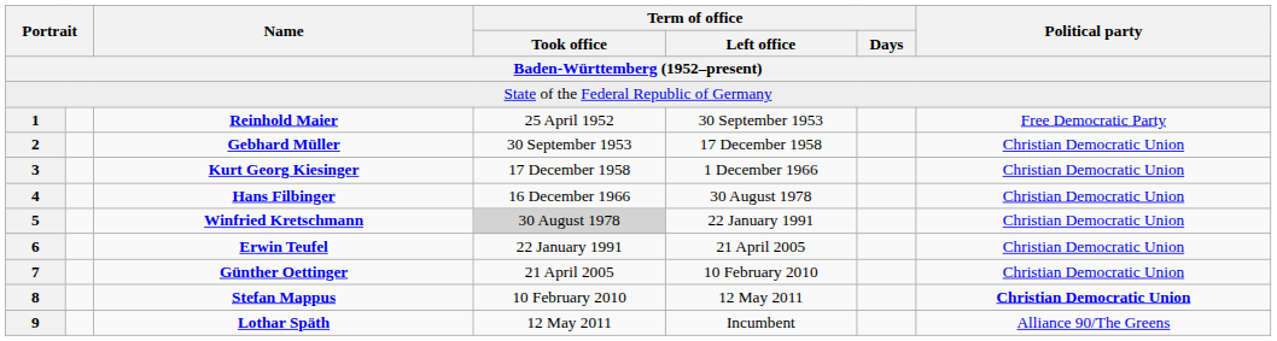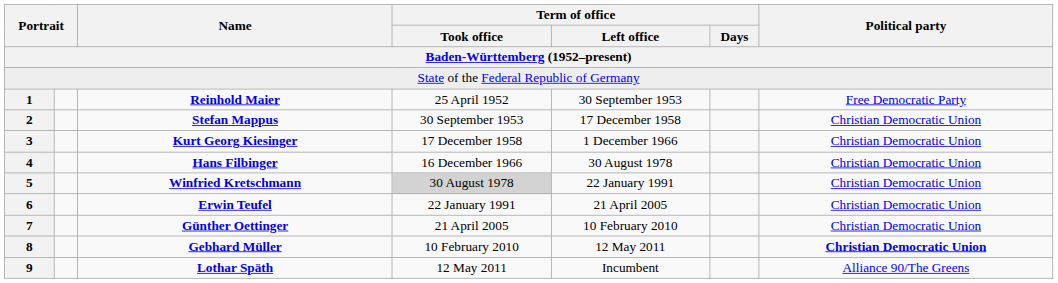 <table class="wikitable" style="text-align:center; width:100%; border:1px #AAAAFF solid">
 <tr>
 <th width=80px rowspan=2 colspan=2>Portrait</th>
 <th width=30% rowspan=2>Name<br></th>
 <th width=35% colspan=3>Term of office</th>
 <th width=28% rowspan=2>Political party</th>
 </tr>
 <tr>
 <th>Took office</th>
 <th>Left office</th>
 <th>Days</th>
 </tr>
 <tr>
 <th colspan="7"><a href='#'>Baden-Württemberg</a> (1952–present)</th>
 </tr>
 <tr>
 <td bgcolor=#EEEEEE colspan=7><a href='#'>State</a> of the <a href='#'>Federal Republic of Germany</a></td>
 </tr>
 <tr>
 <th style="background:">1</th>
 <td></td>
 <td><strong><a href='#'>Reinhold Maier</a></strong><br></td>
 <td>25 April 1952</td>
 <td>30 September 1953<br></td>
 <td></td>
 <td><a href='#'>Free Democratic Party</a></td>
 </tr>
 <tr>
 <th style="background:">2</th>
 <td></td>
-<td><strong><a href='#'>Gebhard Müller</a></strong><br></td>
+<td><strong><a href='#'>Stefan Mappus</a></strong><br></td>
 <td>30 September 1953</td>
 <td>17 December 1958<br></td>
 <td></td>
 <td><a href='#'>Christian Democratic Union</a></td>
 </tr>
 <tr>
 <th style="background:">3</th>
 <td></td>
 <td><strong><a href='#'>Kurt Georg Kiesinger</a></strong><br></td>
 <td>17 December 1958</td>
 <td>1 December 1966<br></td>
 <td></td>
 <td><a href='#'>Christian Democratic Union</a></td>
 </tr>
 <tr>
 <th style="background:">4</th>
 <td></td>
 <td><strong><a href='#'>Hans Filbinger</a></strong><br></td>
 <td>16 December 1966</td>
 <td>30 August 1978<br></td>
 <td></td>
 <td><a href='#'>Christian Democratic Union</a></td>
 </tr>
 <tr>
 <th style="background:">5</th>
 <td></td>
 <td><strong><a href='#'>Winfried Kretschmann</a></strong><br></td>
 <td style="background: lightgrey;">30 August 1978</td>
 <td>22 January 1991<br></td>
 <td></td>
 <td><a href='#'>Christian Democratic Union</a></td>
 </tr>
 <tr>
 <th style="background:">6</th>
 <td></td>
 <td><strong><a href='#'>Erwin Teufel</a></strong><br></td>
 <td>22 January 1991</td>
 <td>21 April 2005<br></td>
 <td></td>
 <td><a href='#'>Christian Democratic Union</a></td>
 </tr>
 <tr>
 <th style="background:">7</th>
 <td></td>
 <td><strong><a href='#'>Günther Oettinger</a></strong><br></td>
 <td>21 April 2005</td>
 <td>10 February 2010<br></td>
 <td></td>
 <td><a href='#'>Christian Democratic Union</a></td>
 </tr>
 <tr>
 <th style="background:">8</th>
 <td></td>
-<td><strong><a href='#'>Stefan Mappus</a></strong><br></td>
+<td><strong><a href='#'>Gebhard Müller</a></strong><br></td>
 <td>10 February 2010</td>
 <td>12 May 2011</td>
 <td></td>
 <td><strong><a href='#'>Christian Democratic Union</a></strong></td>
 </tr>
 <tr>
 <th style="background:">9</th>
 <td></td>
 <td><strong><a href='#'>Lothar Späth</a></strong><br></td>
 <td>12 May 2011</td>
 <td>Incumbent</td>
 <td></td>
 <td><a href='#'>Alliance 90/The Greens</a></td>
 </tr>
 </table>
